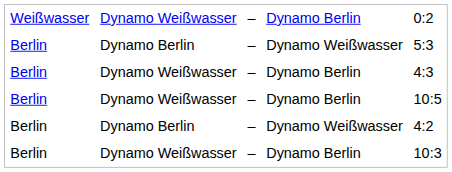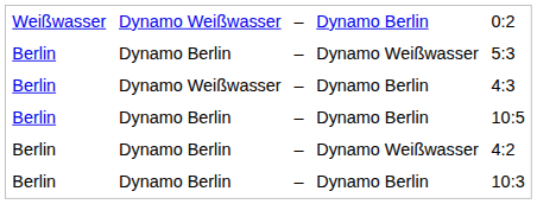 <table cellspacing="0" border="0" cellpadding="6" style="border:1px solid #bbb; background-color:#FFFFFF;">
 <tr>
 <td><a href='#'>Weißwasser</a></td>
 <td><a href='#'>Dynamo Weißwasser</a></td>
 <td>–</td>
 <td><a href='#'>Dynamo Berlin</a></td>
 <td>0:2</td>
 </tr>
 <tr>
 <td><a href='#'>Berlin</a></td>
 <td>Dynamo Berlin</td>
 <td>–</td>
 <td>Dynamo Weißwasser</td>
 <td>5:3</td>
 </tr>
 <tr>
 <td><a href='#'>Berlin</a></td>
 <td>Dynamo Weißwasser</td>
 <td>–</td>
 <td>Dynamo Berlin</td>
 <td>4:3</td>
 </tr>
 <tr>
 <td><a href='#'>Berlin</a></td>
-<td>Dynamo Weißwasser</td>
+<td>Dynamo Berlin</td>
 <td>–</td>
 <td>Dynamo Berlin</td>
 <td>10:5</td>
 </tr>
 <tr>
 <td>Berlin</td>
 <td>Dynamo Berlin</td>
 <td>–</td>
 <td>Dynamo Weißwasser</td>
 <td>4:2</td>
 </tr>
 <tr>
 <td>Berlin</td>
-<td>Dynamo Weißwasser</td>
+<td>Dynamo Berlin</td>
 <td>–</td>
 <td>Dynamo Berlin</td>
 <td>10:3</td>
 </tr>
 </table>
